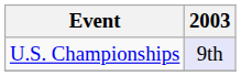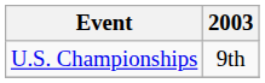 <table class="wikitable">
 <tr>
 <th>Event</th>
 <th>2003</th>
 </tr>
 <tr>
 <td><a href='#'>U.S. Championships</a></td>
-<td align="center" style="background: lavender;">9th</td>
+<td align="center">9th</td>
 </tr>
 <tr>
 </tr>
 </table>
